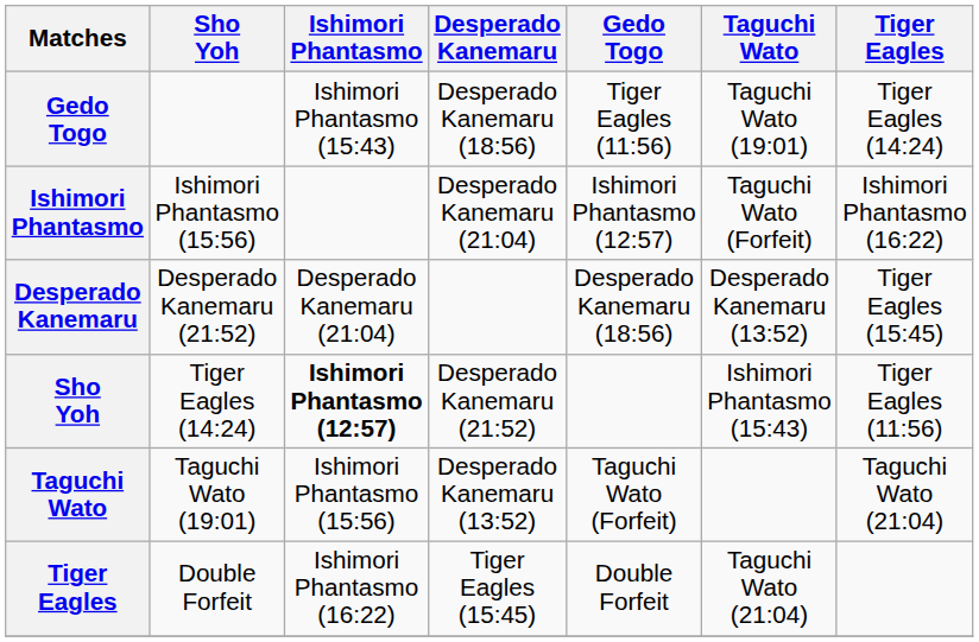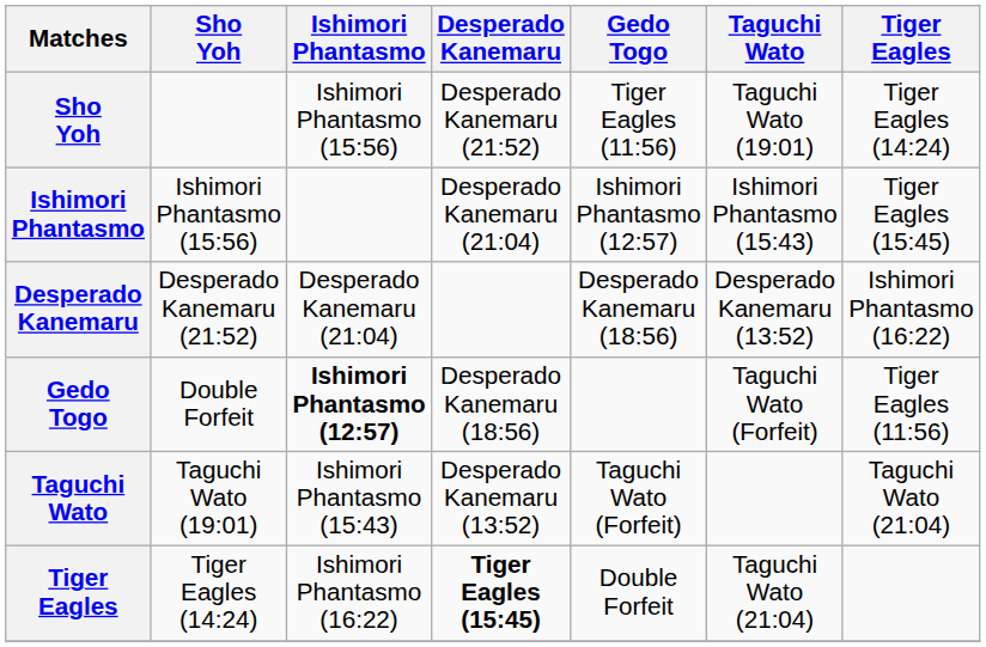 <table class="wikitable" style="margin: 1em auto 1em auto;text-align:center">
 <tr>
 <th>Matches</th>
 <th><a href='#'>Sho</a><br><a href='#'>Yoh</a></th>
 <th><a href='#'>Ishimori</a><br><a href='#'>Phantasmo</a></th>
 <th><a href='#'>Desperado</a><br><a href='#'>Kanemaru</a></th>
 <th><a href='#'>Gedo</a><br><a href='#'>Togo</a></th>
 <th><a href='#'>Taguchi</a><br><a href='#'>Wato</a></th>
 <th><a href='#'>Tiger</a><br><a href='#'>Eagles</a></th>
 </tr>
 <tr>
-<th><a href='#'>Gedo</a><br><a href='#'>Togo</a></th>
+<th><a href='#'>Sho</a><br><a href='#'>Yoh</a></th>
 <td></td>
-<td>Ishimori <br> Phantasmo <br> (15:43)</td>
-<td>Desperado <br> Kanemaru <br> (18:56)</td>
+<td>Ishimori <br> Phantasmo <br> (15:56)</td>
+<td>Desperado <br>  Kanemaru <br> (21:52)</td>
 <td>Tiger <br> Eagles <br> (11:56)</td>
 <td>Taguchi <br> Wato <br> (19:01)</td>
 <td>Tiger <br> Eagles <br> (14:24)</td>
 </tr>
 <tr>
 <th><a href='#'>Ishimori</a> <br> <a href='#'>Phantasmo</a></th>
 <td>Ishimori <br> Phantasmo <br> (15:56)</td>
 <td></td>
 <td>Desperado <br> Kanemaru <br> (21:04)</td>
 <td>Ishimori <br> Phantasmo <br> (12:57)</td>
-<td>Taguchi <br> Wato <br> (Forfeit)</td>
-<td>Ishimori <br> Phantasmo <br> (16:22)</td>
+<td>Ishimori <br> Phantasmo <br> (15:43)</td>
+<td>Tiger <br> Eagles <br> (15:45)</td>
 </tr>
 <tr>
 <th><a href='#'>Desperado</a><br><a href='#'>Kanemaru</a></th>
 <td>Desperado <br> Kanemaru <br> (21:52)</td>
 <td>Desperado <br> Kanemaru <br> (21:04)</td>
 <td></td>
 <td>Desperado <br> Kanemaru <br> (18:56)</td>
 <td>Desperado <br> Kanemaru <br> (13:52)</td>
-<td>Tiger <br> Eagles <br> (15:45)</td>
+<td>Ishimori <br> Phantasmo <br> (16:22)</td>
 </tr>
 <tr>
-<th><a href='#'>Sho</a><br><a href='#'>Yoh</a></th>
-<td>Tiger <br> Eagles <br> (14:24)</td>
+<th><a href='#'>Gedo</a><br><a href='#'>Togo</a></th>
+<td>Double <br> Forfeit</td>
 <td><strong>Ishimori <br> Phantasmo <br> (12:57)</strong></td>
-<td>Desperado <br>  Kanemaru <br> (21:52)</td>
+<td>Desperado <br> Kanemaru <br> (18:56)</td>
 <td></td>
-<td>Ishimori <br> Phantasmo <br> (15:43)</td>
+<td>Taguchi <br> Wato <br> (Forfeit)</td>
 <td>Tiger <br> Eagles <br> (11:56)</td>
 </tr>
 <tr>
 <th><a href='#'>Taguchi</a><br><a href='#'>Wato</a></th>
 <td>Taguchi <br> Wato <br> (19:01)</td>
-<td>Ishimori <br> Phantasmo <br> (15:56)</td>
+<td>Ishimori <br> Phantasmo <br> (15:43)</td>
 <td>Desperado <br> Kanemaru <br> (13:52)</td>
 <td>Taguchi <br> Wato <br> (Forfeit)</td>
 <td></td>
 <td>Taguchi <br> Wato <br> (21:04)</td>
 </tr>
 <tr>
 <th><a href='#'>Tiger</a><br><a href='#'>Eagles</a></th>
-<td>Double <br> Forfeit</td>
+<td>Tiger <br> Eagles <br> (14:24)</td>
 <td>Ishimori <br> Phantasmo <br> (16:22)</td>
-<td>Tiger <br> Eagles <br> (15:45)</td>
+<td><strong>Tiger <br> Eagles <br> (15:45)</strong></td>
 <td>Double <br> Forfeit</td>
 <td>Taguchi <br> Wato <br> (21:04)</td>
 <td></td>
 </tr>
 <tr>
 </tr>
 </table>
